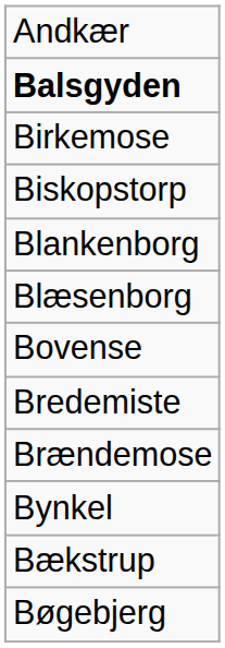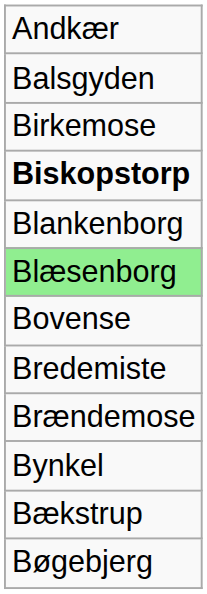 <table class="wikitable" style="float:left; margin-right:1em">
 <tr>
 <td>Andkær</td>
 </tr>
 <tr>
-<td><strong>Balsgyden</strong></td>
+<td>Balsgyden</td>
 </tr>
 <tr>
 <td>Birkemose</td>
 </tr>
 <tr>
-<td>Biskopstorp</td>
+<td><strong>Biskopstorp</strong></td>
 </tr>
 <tr>
 <td>Blankenborg</td>
 </tr>
 <tr>
-<td>Blæsenborg</td>
+<td style="background: lightgreen;">Blæsenborg</td>
 </tr>
 <tr>
 <td>Bovense</td>
 </tr>
 <tr>
 <td>Bredemiste</td>
 </tr>
 <tr>
 <td>Brændemose</td>
 </tr>
 <tr>
 <td>Bynkel</td>
 </tr>
 <tr>
 <td>Bækstrup</td>
 </tr>
 <tr>
 <td>Bøgebjerg</td>
 </tr>
 </table>
